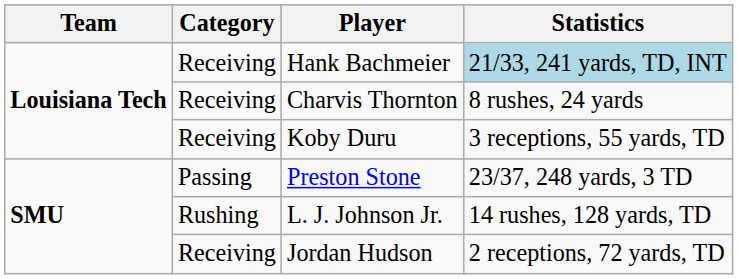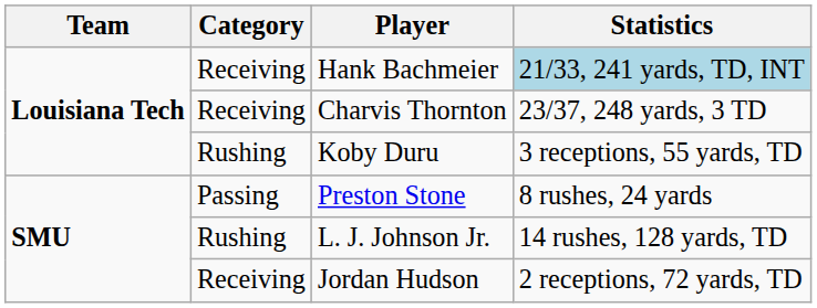 <table class="wikitable" style="float: left;">
 <tr>
 <th>Team</th>
 <th>Category</th>
 <th>Player</th>
 <th>Statistics</th>
 </tr>
 <tr>
 <td rowspan=3><strong>Louisiana Tech</strong></td>
 <td>Receiving</td>
 <td>Hank Bachmeier</td>
 <td style="background: lightblue;">21/33, 241 yards, TD, INT</td>
 </tr>
 <tr>
 <td>Receiving</td>
 <td>Charvis Thornton</td>
-<td>8 rushes, 24 yards</td>
+<td>23/37, 248 yards, 3 TD</td>
 </tr>
 <tr>
-<td>Receiving</td>
+<td>Rushing</td>
 <td>Koby Duru</td>
 <td>3 receptions, 55 yards, TD</td>
 </tr>
 <tr>
 <td rowspan=3><strong>SMU</strong></td>
 <td>Passing</td>
 <td><a href='#'>Preston Stone</a></td>
-<td>23/37, 248 yards, 3 TD</td>
+<td>8 rushes, 24 yards</td>
 </tr>
 <tr>
 <td>Rushing</td>
 <td>L. J. Johnson Jr.</td>
 <td>14 rushes, 128 yards, TD</td>
 </tr>
 <tr>
 <td>Receiving</td>
 <td>Jordan Hudson</td>
 <td>2 receptions, 72 yards, TD</td>
 </tr>
 </table>
